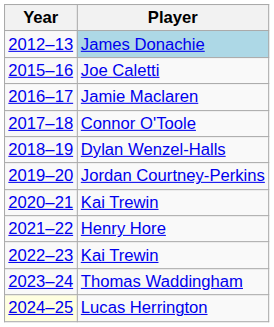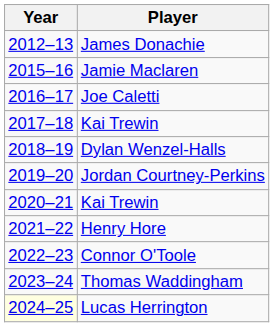 <table class="wikitable">
 <tr>
 <th>Year</th>
 <th>Player</th>
 </tr>
 <tr>
 <td><a href='#'>2012–13</a></td>
-<td style="background: lightblue;"> <a href='#'>James Donachie</a></td>
+<td> <a href='#'>James Donachie</a></td>
 </tr>
 <tr>
 <td><a href='#'>2015–16</a></td>
+<td> <a href='#'>Jamie Maclaren</a></td>
+</tr>
+<tr>
+<td><a href='#'>2016–17</a></td>
 <td> <a href='#'>Joe Caletti</a></td>
 </tr>
 <tr>
-<td><a href='#'>2016–17</a></td>
-<td> <a href='#'>Jamie Maclaren</a></td>
-</tr>
-<tr>
 <td><a href='#'>2017–18</a></td>
-<td> <a href='#'>Connor O'Toole</a></td>
+<td> <a href='#'>Kai Trewin</a></td>
 </tr>
 <tr>
 <td><a href='#'>2018–19</a></td>
 <td> <a href='#'>Dylan Wenzel-Halls</a></td>
 </tr>
 <tr>
 <td><a href='#'>2019–20</a></td>
 <td> <a href='#'>Jordan Courtney-Perkins</a></td>
 </tr>
 <tr>
 <td><a href='#'>2020–21</a></td>
 <td> <a href='#'>Kai Trewin</a></td>
 </tr>
 <tr>
 <td><a href='#'>2021–22</a></td>
 <td> <a href='#'>Henry Hore</a></td>
 </tr>
 <tr>
 <td><a href='#'>2022–23</a></td>
-<td> <a href='#'>Kai Trewin</a></td>
+<td> <a href='#'>Connor O'Toole</a></td>
 </tr>
 <tr>
 <td><a href='#'>2023–24</a></td>
 <td> <a href='#'>Thomas Waddingham</a></td>
 </tr>
 <tr>
 <td style="background: lightyellow;"><a href='#'>2024–25</a></td>
 <td> <a href='#'>Lucas Herrington</a></td>
 </tr>
 </table>
